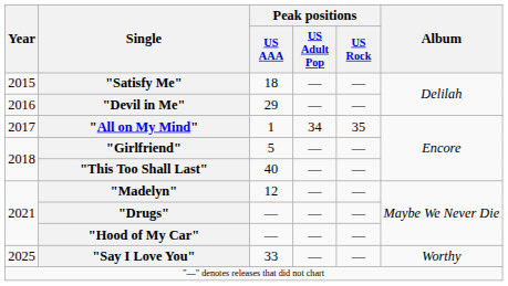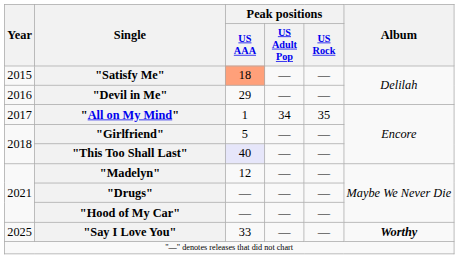 <table class="wikitable plainrowheaders" style="text-align:center;">
 <tr>
 <th rowspan="2">Year</th>
 <th rowspan="2" style="width:15em;">Single</th>
 <th colspan="3">Peak positions</th>
 <th rowspan="2">Album</th>
 </tr>
 <tr style="font-size:smaller;">
 <th style="width:45px;"><a href='#'>US<br>AAA</a><br></th>
 <th style="width:45px;"><a href='#'>US Adult<br>Pop</a><br></th>
 <th style="width:45px;"><a href='#'>US Rock</a><br></th>
 </tr>
 <tr>
 <td>2015</td>
 <th scope="row">"Satisfy Me"</th>
-<td>18</td>
+<td style="background: lightsalmon;">18</td>
 <td>—</td>
 <td>—</td>
 <td rowspan="2"><em>Delilah</em></td>
 </tr>
 <tr>
 <td>2016</td>
 <th scope="row">"Devil in Me"</th>
 <td>29</td>
 <td>—</td>
 <td>—</td>
 </tr>
 <tr>
 <td>2017</td>
 <th scope="row">"<a href='#'>All on My Mind</a>"</th>
 <td>1</td>
 <td>34</td>
 <td>35</td>
 <td rowspan="3"><em>Encore</em></td>
 </tr>
 <tr>
 <td align="left" rowspan="2">2018</td>
 <th scope="row">"Girlfriend"</th>
 <td>5</td>
 <td>—</td>
 <td>—</td>
 </tr>
 <tr>
 <th scope="row">"This Too Shall Last"</th>
-<td>40</td>
+<td style="background: lavender;">40</td>
 <td>—</td>
 <td>—</td>
 </tr>
 <tr>
 <td rowspan="3">2021</td>
 <th scope="row">"Madelyn"</th>
 <td>12</td>
 <td>—</td>
 <td>—</td>
 <td rowspan="3"><em>Maybe We Never Die</em></td>
 </tr>
 <tr>
 <th scope="row">"Drugs"</th>
 <td>—</td>
 <td>—</td>
 <td>—</td>
 </tr>
 <tr>
 <th scope="row">"Hood of My Car"</th>
 <td>—</td>
 <td>—</td>
 <td>—</td>
 </tr>
 <tr>
 <td rowspan="1">2025</td>
 <th scope="row">"Say I Love You"</th>
 <td>33</td>
 <td>—</td>
 <td>—</td>
-<td><em>Worthy</em></td>
+<td><strong><em>Worthy</em></strong></td>
 </tr>
 <tr>
 <td colspan="6" style="font-size:8pt">"—" denotes releases that did not chart</td>
 </tr>
 </table>
